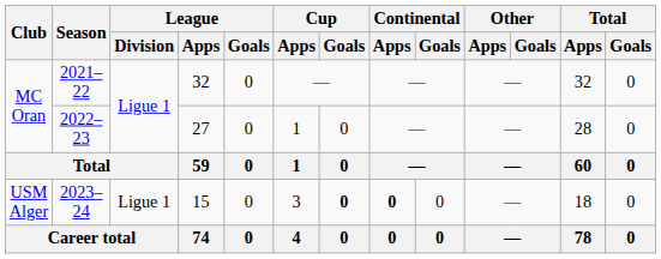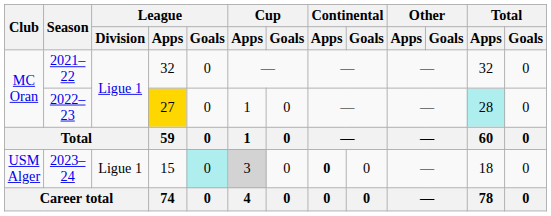 <table class="wikitable" style="text-align: center;">
 <tr>
 <th rowspan="2">Club</th>
 <th rowspan="2">Season</th>
 <th colspan="3">League</th>
 <th colspan="2">Cup</th>
 <th colspan="2">Continental</th>
 <th colspan="2">Other</th>
 <th colspan="2">Total</th>
 </tr>
 <tr>
 <th>Division</th>
 <th>Apps</th>
 <th>Goals</th>
 <th>Apps</th>
 <th>Goals</th>
 <th>Apps</th>
 <th>Goals</th>
 <th>Apps</th>
 <th>Goals</th>
 <th>Apps</th>
 <th>Goals</th>
 </tr>
 <tr>
 <td rowspan=2><a href='#'>MC Oran</a></td>
 <td><a href='#'>2021–22</a></td>
 <td rowspan=2><a href='#'>Ligue 1</a></td>
 <td>32</td>
 <td>0</td>
 <td colspan=2>—</td>
 <td colspan=2>—</td>
 <td colspan=2>—</td>
 <td>32</td>
 <td>0</td>
 </tr>
 <tr>
 <td><a href='#'>2022–23</a></td>
-<td>27</td>
+<td style="background: gold;">27</td>
 <td>0</td>
 <td>1</td>
 <td>0</td>
 <td colspan=2>—</td>
 <td colspan=2>—</td>
-<td>28</td>
+<td style="background: paleturquoise;">28</td>
 <td>0</td>
 </tr>
 <tr>
 <th colspan="3">Total</th>
 <th>59</th>
 <th>0</th>
 <th>1</th>
 <th>0</th>
 <th colspan=2>—</th>
 <th colspan=2>—</th>
 <th>60</th>
 <th>0</th>
 </tr>
 <tr>
 <td><a href='#'>USM Alger</a></td>
 <td><a href='#'>2023–24</a></td>
 <td>Ligue 1</td>
 <td>15</td>
+<td style="background: paleturquoise;">0</td>
+<td style="background: lightgrey;">3</td>
 <td>0</td>
-<td>3</td>
-<td><strong>0</strong></td>
 <td><strong>0</strong></td>
 <td>0</td>
 <td colspan=2>—</td>
 <td>18</td>
 <td>0</td>
 </tr>
 <tr>
 <th colspan="3">Career total</th>
 <th>74</th>
 <th>0</th>
 <th>4</th>
 <th>0</th>
 <th>0</th>
 <th>0</th>
 <th colspan=2>—</th>
 <th>78</th>
 <th>0</th>
 </tr>
 </table>
